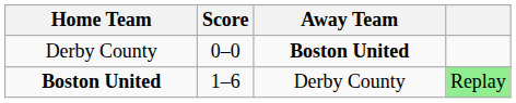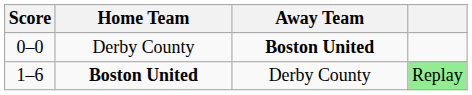 <table class="wikitable" style="text-align:center">
 <tr>
+<th width=20>Score</th>
 <th width=150>Home Team</th>
-<th width=20>Score</th>
 <th width=150>Away Team</th>
 <th></th>
 </tr>
 <tr>
+<td>0–0</td>
 <td>Derby County</td>
-<td>0–0</td>
 <td><strong>Boston United</strong></td>
 <td></td>
 </tr>
 <tr>
+<td>1–6</td>
 <td><strong>Boston United</strong></td>
-<td>1–6</td>
 <td>Derby County</td>
 <td style="background: lightgreen;">Replay</td>
 </tr>
 </table>
